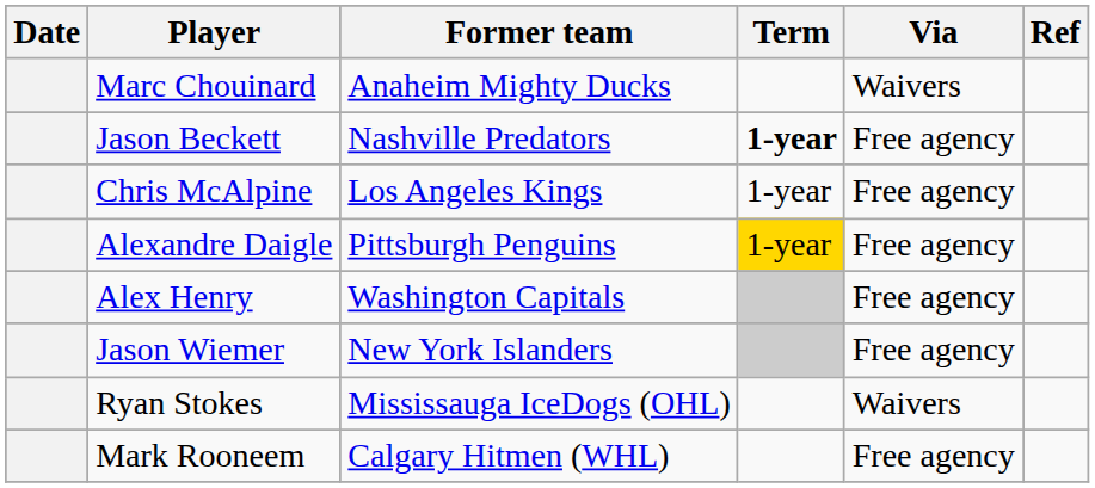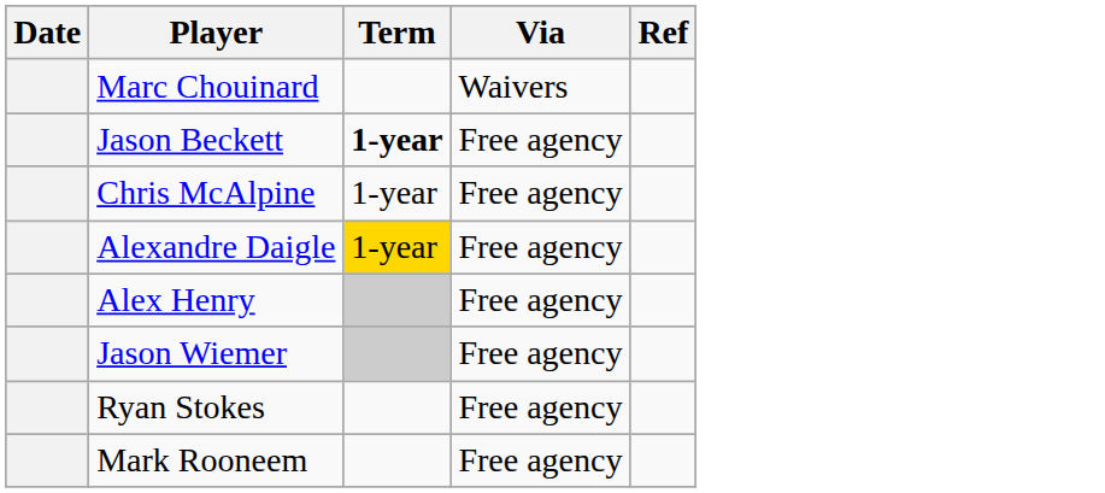 <table class="wikitable plainrowheaders">
 <tr style="background:#ddd; text-align:center;">
 <th>Date</th>
 <th>Player</th>
-<th>Former team</th>
 <th>Term</th>
 <th>Via</th>
 <th>Ref</th>
 </tr>
 <tr>
 <th scope="row"></th>
 <td><a href='#'>Marc Chouinard</a></td>
-<td><a href='#'>Anaheim Mighty Ducks</a></td>
 <td></td>
 <td>Waivers</td>
 <td></td>
 </tr>
 <tr>
 <th scope="row"></th>
 <td><a href='#'>Jason Beckett</a></td>
-<td><a href='#'>Nashville Predators</a></td>
 <td><strong>1-year</strong></td>
 <td>Free agency</td>
 <td></td>
 </tr>
 <tr>
 <th scope="row"></th>
 <td><a href='#'>Chris McAlpine</a></td>
-<td><a href='#'>Los Angeles Kings</a></td>
 <td>1-year</td>
 <td>Free agency</td>
 <td></td>
 </tr>
 <tr>
 <th scope="row"></th>
 <td><a href='#'>Alexandre Daigle</a></td>
-<td><a href='#'>Pittsburgh Penguins</a></td>
 <td style="background: gold;">1-year</td>
 <td>Free agency</td>
 <td></td>
 </tr>
 <tr>
 <th scope="row"></th>
 <td><a href='#'>Alex Henry</a></td>
-<td><a href='#'>Washington Capitals</a></td>
 <td style="background:#ccc"></td>
 <td>Free agency</td>
 <td></td>
 </tr>
 <tr>
 <th scope="row"></th>
 <td><a href='#'>Jason Wiemer</a></td>
-<td><a href='#'>New York Islanders</a></td>
 <td style="background:#ccc"></td>
 <td>Free agency</td>
 <td></td>
 </tr>
 <tr>
 <th scope="row"></th>
 <td>Ryan Stokes</td>
-<td><a href='#'>Mississauga IceDogs</a> (<a href='#'>OHL</a>)</td>
 <td></td>
-<td>Waivers</td>
+<td>Free agency</td>
 <td></td>
 </tr>
 <tr>
 <th scope="row"></th>
 <td>Mark Rooneem</td>
-<td><a href='#'>Calgary Hitmen</a> (<a href='#'>WHL</a>)</td>
 <td></td>
 <td>Free agency</td>
 <td></td>
 </tr>
 </table>
